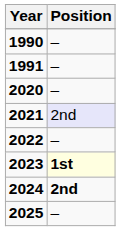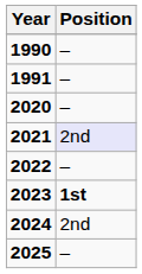 <table class="wikitable" style="margin:1em auto;">
 <tr>
 <th>Year</th>
 <th>Position</th>
 </tr>
 <tr>
 </tr>
 <tr>
 <td><strong>1990</strong></td>
 <td>–</td>
 </tr>
 <tr>
 <td><strong>1991</strong></td>
 <td>–</td>
 </tr>
 <tr>
 <td><strong>2020</strong></td>
 <td>–</td>
 </tr>
 <tr>
 <td><strong>2021</strong></td>
 <td style="background: lavender;">2nd</td>
 </tr>
 <tr>
 <td><strong>2022</strong></td>
 <td>–</td>
 </tr>
 <tr>
 <td><strong>2023</strong></td>
-<td style="background: lightyellow;"><strong>1st</strong></td>
+<td><strong>1st</strong></td>
 </tr>
 <tr>
 <td><strong>2024</strong></td>
-<td><strong>2nd</strong></td>
+<td>2nd</td>
 </tr>
 <tr>
 <td><strong>2025</strong></td>
 <td>–</td>
 </tr>
 </table>
